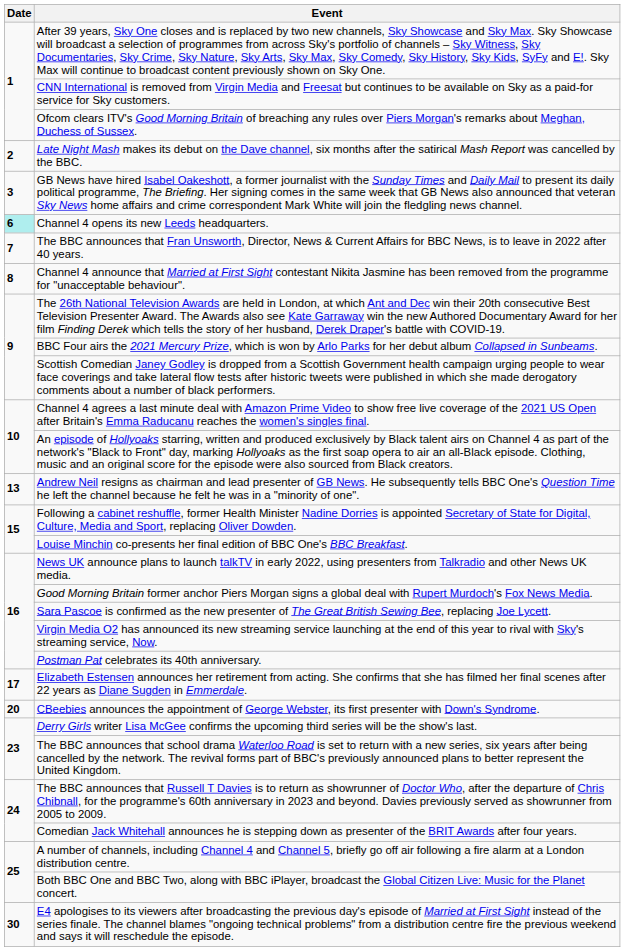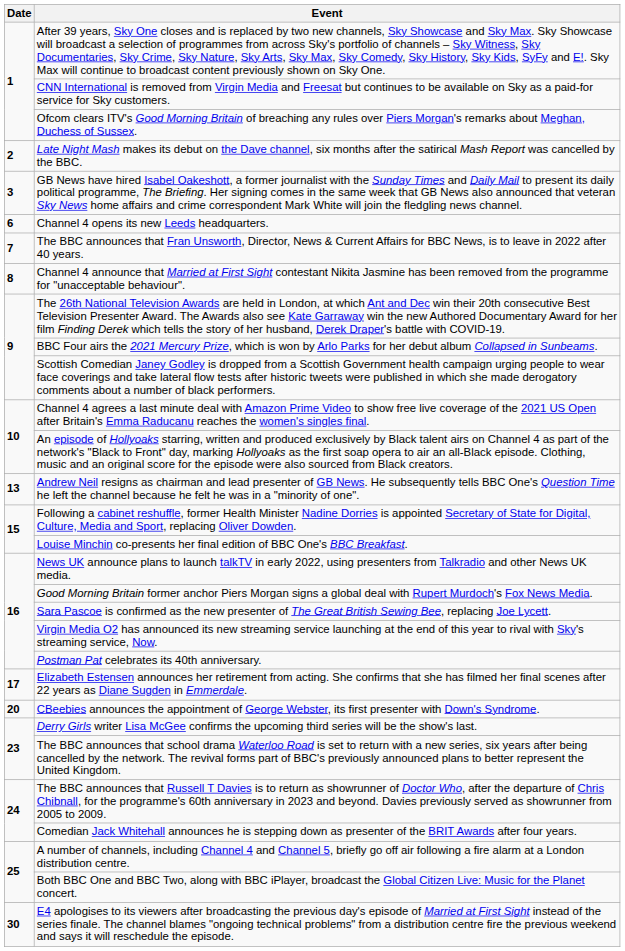 <table class="wikitable">
 <tr>
 <th>Date</th>
 <th>Event</th>
 </tr>
 <tr>
 <td rowspan=3><strong>1</strong></td>
 <td>After 39 years, <a href='#'>Sky One</a> closes and is replaced by two new channels, <a href='#'>Sky Showcase</a> and <a href='#'>Sky Max</a>. Sky Showcase will broadcast a selection of programmes from across Sky's portfolio of channels – <a href='#'>Sky Witness</a>, <a href='#'>Sky Documentaries</a>, <a href='#'>Sky Crime</a>, <a href='#'>Sky Nature</a>, <a href='#'>Sky Arts</a>, <a href='#'>Sky Max</a>, <a href='#'>Sky Comedy</a>, <a href='#'>Sky History</a>, <a href='#'>Sky Kids</a>, <a href='#'>SyFy</a> and <a href='#'>E!</a>. Sky Max will continue to broadcast content previously shown on Sky One.</td>
 </tr>
 <tr>
 <td><a href='#'>CNN International</a> is removed from <a href='#'>Virgin Media</a> and <a href='#'>Freesat</a> but continues to be available on Sky as a paid-for service for Sky customers.</td>
 </tr>
 <tr>
 <td>Ofcom clears ITV's <em><a href='#'>Good Morning Britain</a></em> of breaching any rules over <a href='#'>Piers Morgan</a>'s remarks about <a href='#'>Meghan, Duchess of Sussex</a>.</td>
 </tr>
 <tr>
 <td><strong>2</strong></td>
 <td><em><a href='#'>Late Night Mash</a></em> makes its debut on <a href='#'>the Dave channel</a>, six months after the satirical <em>Mash Report</em> was cancelled by the BBC.</td>
 </tr>
 <tr>
 <td><strong>3</strong></td>
 <td>GB News have hired <a href='#'>Isabel Oakeshott</a>, a former journalist with the <em><a href='#'>Sunday Times</a></em> and <em><a href='#'>Daily Mail</a></em> to present its daily political programme, <em>The Briefing</em>. Her signing comes in the same week that GB News also announced that veteran <em><a href='#'>Sky News</a></em> home affairs and crime correspondent Mark White will join the fledgling news channel.</td>
 </tr>
 <tr>
-<td style="background: paleturquoise;"><strong>6</strong></td>
+<td><strong>6</strong></td>
 <td>Channel 4 opens its new <a href='#'>Leeds</a> headquarters.</td>
 </tr>
 <tr>
 <td><strong>7</strong></td>
 <td>The BBC announces that <a href='#'>Fran Unsworth</a>, Director, News & Current Affairs for BBC News, is to leave in 2022 after 40 years.</td>
 </tr>
 <tr>
 <td><strong>8</strong></td>
 <td>Channel 4 announce that <em><a href='#'>Married at First Sight</a></em> contestant Nikita Jasmine has been removed from the programme for "unacceptable behaviour".</td>
 </tr>
 <tr>
 <td rowspan=3><strong>9</strong></td>
 <td>The <a href='#'>26th National Television Awards</a> are held in London, at which <a href='#'>Ant and Dec</a> win their 20th consecutive Best Television Presenter Award. The Awards also see <a href='#'>Kate Garraway</a> win the new Authored Documentary Award for her film <em>Finding Derek</em> which tells the story of her husband, <a href='#'>Derek Draper</a>'s battle with COVID-19.</td>
 </tr>
 <tr>
 <td>BBC Four airs the <em><a href='#'>2021 Mercury Prize</a></em>, which is won by <a href='#'>Arlo Parks</a> for her debut album <em><a href='#'>Collapsed in Sunbeams</a></em>.</td>
 </tr>
 <tr>
 <td>Scottish Comedian <a href='#'>Janey Godley</a> is dropped from a Scottish Government health campaign urging people to wear face coverings and take lateral flow tests after historic tweets were published in which she made derogatory comments about a number of black performers.</td>
 </tr>
 <tr>
 <td rowspan=2><strong>10</strong></td>
 <td>Channel 4 agrees a last minute deal with <a href='#'>Amazon Prime Video</a> to show free live coverage of the <a href='#'>2021 US Open</a> after Britain's <a href='#'>Emma Raducanu</a> reaches the <a href='#'>women's singles final</a>.</td>
 </tr>
 <tr>
 <td>An <a href='#'>episode</a> of <em><a href='#'>Hollyoaks</a></em> starring, written and produced exclusively by Black talent airs on Channel 4 as part of the network's "Black to Front" day, marking <em>Hollyoaks</em> as the first soap opera to air an all-Black episode. Clothing, music and an original score for the episode were also sourced from Black creators.</td>
 </tr>
 <tr>
 <td><strong>13</strong></td>
 <td><a href='#'>Andrew Neil</a> resigns as chairman and lead presenter of <a href='#'>GB News</a>. He subsequently tells BBC One's <em><a href='#'>Question Time</a></em> he left the channel because he felt he was in a "minority of one".</td>
 </tr>
 <tr>
 <td rowspan=2><strong>15</strong></td>
 <td>Following a <a href='#'>cabinet reshuffle</a>, former Health Minister <a href='#'>Nadine Dorries</a> is appointed <a href='#'>Secretary of State for Digital, Culture, Media and Sport</a>, replacing <a href='#'>Oliver Dowden</a>.</td>
 </tr>
 <tr>
 <td><a href='#'>Louise Minchin</a> co-presents her final edition of BBC One's <em><a href='#'>BBC Breakfast</a></em>.</td>
 </tr>
 <tr>
 <td rowspan=5><strong>16</strong></td>
 <td><a href='#'>News UK</a> announce plans to launch <a href='#'>talkTV</a> in early 2022, using presenters from <a href='#'>Talkradio</a> and other News UK media.</td>
 </tr>
 <tr>
 <td><em>Good Morning Britain</em> former anchor Piers Morgan signs a global deal with <a href='#'>Rupert Murdoch</a>'s <a href='#'>Fox News Media</a>.</td>
 </tr>
 <tr>
 <td><a href='#'>Sara Pascoe</a> is confirmed as the new presenter of <em><a href='#'>The Great British Sewing Bee</a></em>, replacing <a href='#'>Joe Lycett</a>.</td>
 </tr>
 <tr>
 <td><a href='#'>Virgin Media O2</a> has announced its new streaming service launching at the end of this year to rival with <a href='#'>Sky</a>'s streaming service, <a href='#'>Now</a>.</td>
 </tr>
 <tr>
 <td><em><a href='#'>Postman Pat</a></em> celebrates its 40th anniversary.</td>
 </tr>
 <tr>
 <td><strong>17</strong></td>
 <td><a href='#'>Elizabeth Estensen</a> announces her retirement from acting. She confirms that she has filmed her final scenes after 22 years as <a href='#'>Diane Sugden</a> in <em><a href='#'>Emmerdale</a></em>.</td>
 </tr>
 <tr>
 <td><strong>20</strong></td>
 <td><a href='#'>CBeebies</a> announces the appointment of <a href='#'>George Webster</a>, its first presenter with <a href='#'>Down's Syndrome</a>.</td>
 </tr>
 <tr>
 <td rowspan=2><strong>23</strong></td>
 <td><em><a href='#'>Derry Girls</a></em> writer <a href='#'>Lisa McGee</a> confirms the upcoming third series will be the show's last.</td>
 </tr>
 <tr>
 <td>The BBC announces that school drama <em><a href='#'>Waterloo Road</a></em> is set to return with a new series, six years after being cancelled by the network. The revival forms part of BBC's previously announced plans to better represent the United Kingdom.</td>
 </tr>
 <tr>
 <td rowspan=2><strong>24</strong></td>
 <td>The BBC announces that <a href='#'>Russell T Davies</a> is to return as showrunner of <em><a href='#'>Doctor Who</a></em>, after the departure of <a href='#'>Chris Chibnall</a>, for the programme's 60th anniversary in 2023 and beyond. Davies previously served as showrunner from 2005 to 2009.</td>
 </tr>
 <tr>
 <td>Comedian <a href='#'>Jack Whitehall</a> announces he is stepping down as presenter of the <a href='#'>BRIT Awards</a> after four years.</td>
 </tr>
 <tr>
 <td rowspan=2><strong>25</strong></td>
 <td>A number of channels, including <a href='#'>Channel 4</a> and <a href='#'>Channel 5</a>, briefly go off air following a fire alarm at a London distribution centre.</td>
 </tr>
 <tr>
 <td>Both BBC One and BBC Two, along with BBC iPlayer, broadcast the <a href='#'>Global Citizen Live: Music for the Planet</a> concert.</td>
 </tr>
 <tr>
 <td><strong>30</strong></td>
 <td><a href='#'>E4</a> apologises to its viewers after broadcasting the previous day's episode of <em><a href='#'>Married at First Sight</a></em> instead of the series finale. The channel blames "ongoing technical problems" from a distribution centre fire the previous weekend and says it will reschedule the episode.</td>
 </tr>
 </table>
